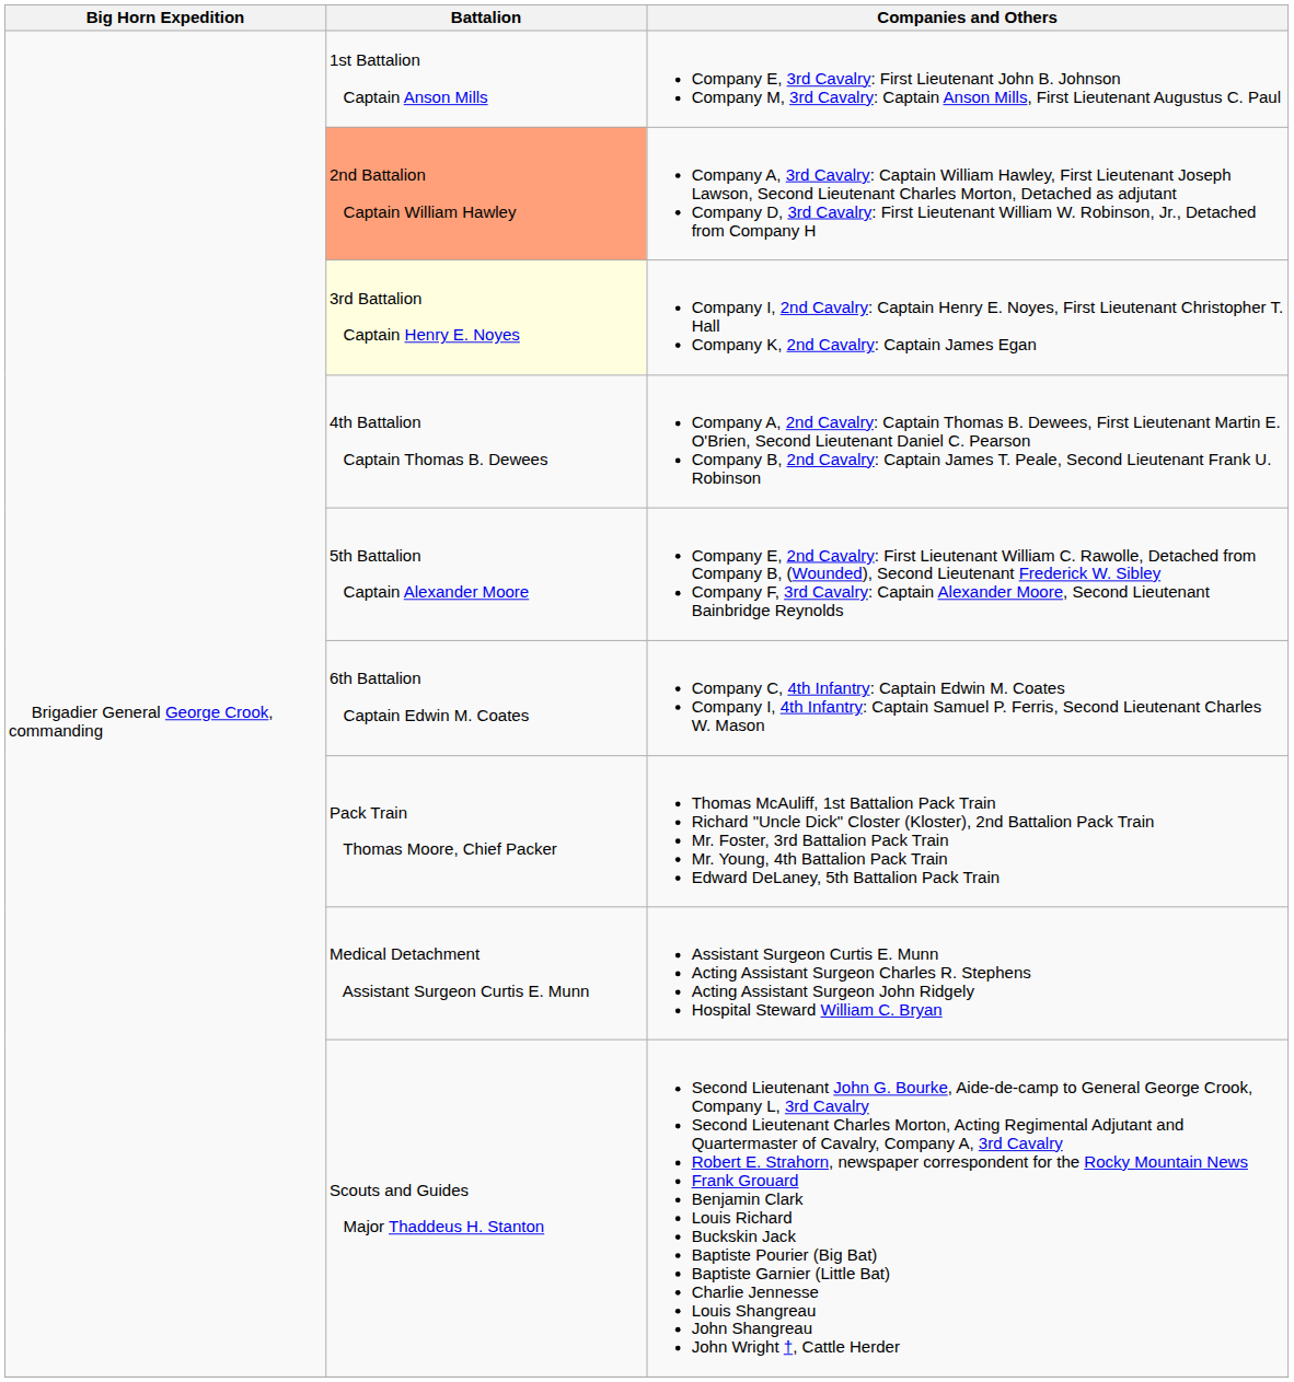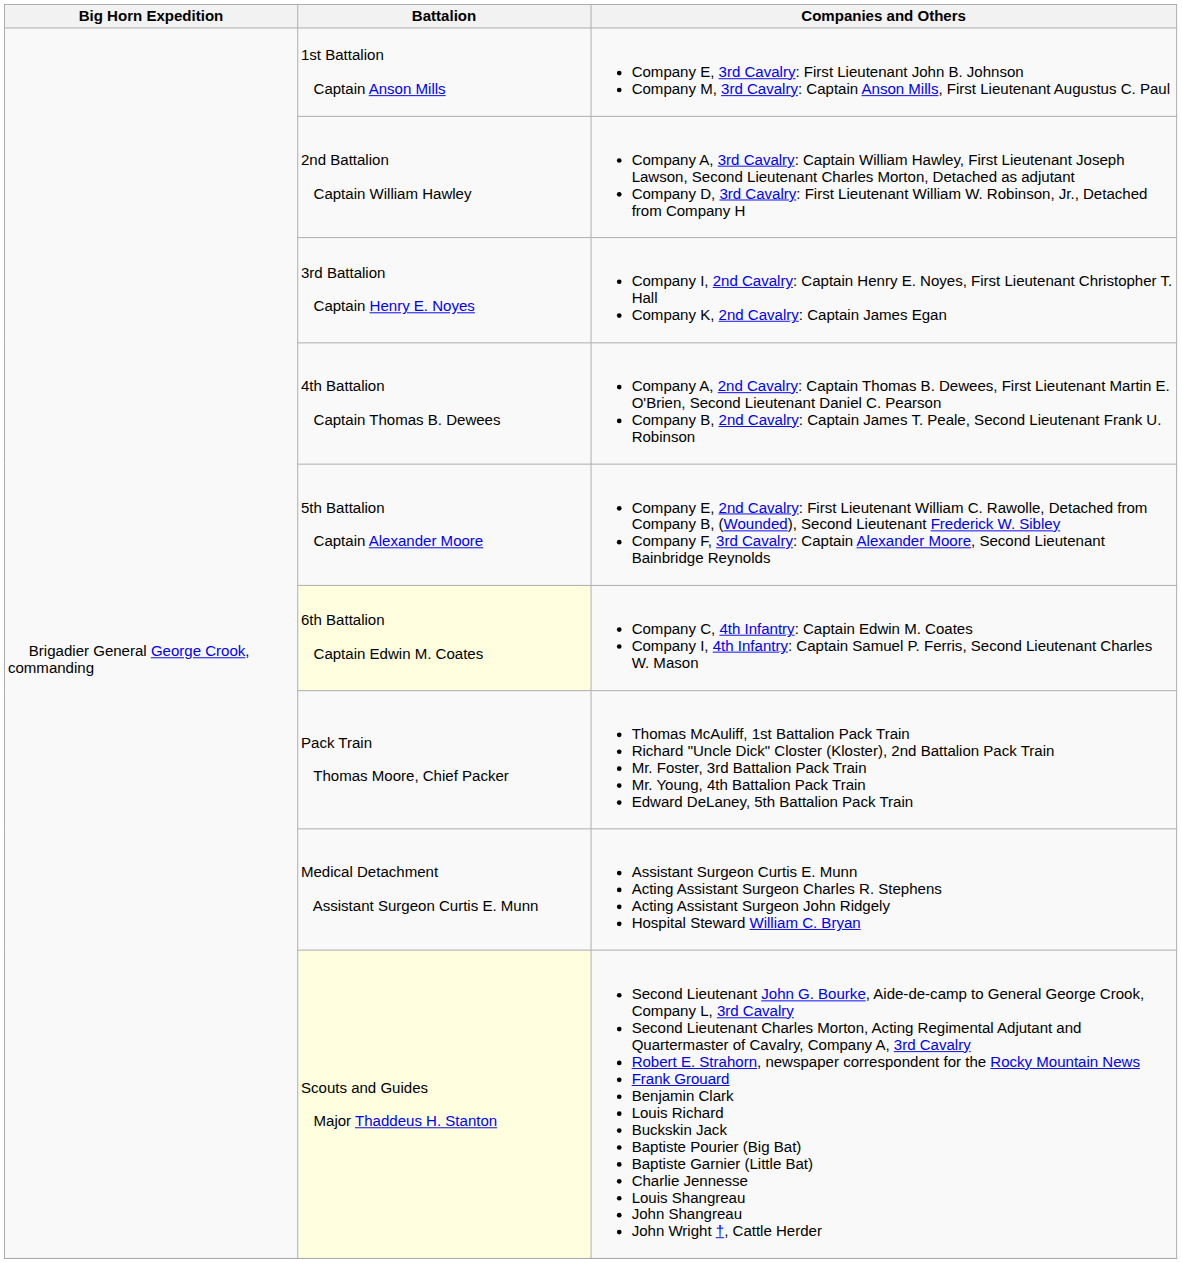 <table class="wikitable">
 <tr>
 <th width=25%>Big Horn Expedition</th>
 <th width=25%>Battalion</th>
 <th>Companies and Others</th>
 </tr>
 <tr>
 <td rowspan=9><br><br>     Brigadier General <a href='#'>George Crook</a>, commanding</td>
 <td>1st Battalion<br><br>   Captain <a href='#'>Anson Mills</a></td>
 <td><br><ul><li>Company E, <a href='#'>3rd Cavalry</a>: First Lieutenant John B. Johnson</li><li>Company M, <a href='#'>3rd Cavalry</a>: Captain <a href='#'>Anson Mills</a>, First Lieutenant Augustus C. Paul</li></ul></td>
 </tr>
 <tr>
-<td style="background: lightsalmon;">2nd Battalion<br><br>   Captain William Hawley</td>
+<td>2nd Battalion<br><br>   Captain William Hawley</td>
 <td><br><ul><li>Company A, <a href='#'>3rd Cavalry</a>: Captain William Hawley, First Lieutenant Joseph Lawson, Second Lieutenant Charles Morton, Detached as adjutant</li><li>Company D, <a href='#'>3rd Cavalry</a>: First Lieutenant William W. Robinson, Jr., Detached from Company H</li></ul></td>
 </tr>
 <tr>
-<td style="background: lightyellow;">3rd Battalion<br><br>   Captain <a href='#'>Henry E. Noyes</a></td>
+<td>3rd Battalion<br><br>   Captain <a href='#'>Henry E. Noyes</a></td>
 <td><br><ul><li>Company I, <a href='#'>2nd Cavalry</a>: Captain Henry E. Noyes, First Lieutenant Christopher T. Hall</li><li>Company K, <a href='#'>2nd Cavalry</a>: Captain James Egan</li></ul></td>
 </tr>
 <tr>
 <td>4th Battalion<br><br>   Captain Thomas B. Dewees</td>
 <td><br><ul><li>Company A, <a href='#'>2nd Cavalry</a>: Captain Thomas B. Dewees, First Lieutenant Martin E. O'Brien, Second Lieutenant Daniel C. Pearson</li><li>Company B, <a href='#'>2nd Cavalry</a>: Captain James T. Peale, Second Lieutenant Frank U. Robinson</li></ul></td>
 </tr>
 <tr>
 <td>5th Battalion<br><br>   Captain <a href='#'>Alexander Moore</a></td>
 <td><br><ul><li>Company E, <a href='#'>2nd Cavalry</a>: First Lieutenant William C. Rawolle, Detached from Company B, (<a href='#'>Wounded</a>), Second Lieutenant <a href='#'>Frederick W. Sibley</a></li><li>Company F, <a href='#'>3rd Cavalry</a>: Captain <a href='#'>Alexander Moore</a>, Second Lieutenant Bainbridge Reynolds</li></ul></td>
 </tr>
 <tr>
-<td>6th Battalion<br><br>   Captain Edwin M. Coates</td>
+<td style="background: lightyellow;">6th Battalion<br><br>   Captain Edwin M. Coates</td>
 <td><br><ul><li>Company C, <a href='#'>4th Infantry</a>: Captain Edwin M. Coates</li><li>Company I, <a href='#'>4th Infantry</a>: Captain Samuel P. Ferris, Second Lieutenant Charles W. Mason</li></ul></td>
 </tr>
 <tr>
 <td>Pack Train<br><br>   Thomas Moore, Chief Packer</td>
 <td><br><ul><li>Thomas McAuliff, 1st Battalion Pack Train</li><li>Richard "Uncle Dick" Closter (Kloster), 2nd Battalion Pack Train</li><li>Mr. Foster, 3rd Battalion Pack Train</li><li>Mr. Young, 4th Battalion Pack Train</li><li>Edward DeLaney, 5th Battalion Pack Train</li></ul></td>
 </tr>
 <tr>
 <td>Medical Detachment<br><br>   Assistant Surgeon Curtis E. Munn</td>
 <td><br><ul><li>Assistant Surgeon Curtis E. Munn</li><li>Acting Assistant Surgeon Charles R. Stephens</li><li>Acting Assistant Surgeon John Ridgely</li><li>Hospital Steward <a href='#'>William C. Bryan</a></li></ul></td>
 </tr>
 <tr>
-<td>Scouts and Guides<br><br>   Major <a href='#'>Thaddeus H. Stanton</a></td>
+<td style="background: lightyellow;">Scouts and Guides<br><br>   Major <a href='#'>Thaddeus H. Stanton</a></td>
 <td><br><ul><li>Second Lieutenant <a href='#'>John G. Bourke</a>, Aide-de-camp to General George Crook, Company L, <a href='#'>3rd Cavalry</a></li><li>Second Lieutenant Charles Morton, Acting Regimental Adjutant and Quartermaster of Cavalry, Company A, <a href='#'>3rd Cavalry</a></li><li><a href='#'>Robert E. Strahorn</a>, newspaper correspondent for the <a href='#'>Rocky Mountain News</a></li><li><a href='#'>Frank Grouard</a></li><li>Benjamin Clark</li><li>Louis Richard</li><li>Buckskin Jack</li><li>Baptiste Pourier (Big Bat)</li><li>Baptiste Garnier (Little Bat)</li><li>Charlie Jennesse</li><li>Louis Shangreau</li><li>John Shangreau</li><li>John Wright <a href='#'>†</a>, Cattle Herder</li></ul></td>
 </tr>
 <tr>
 </tr>
 </table>
